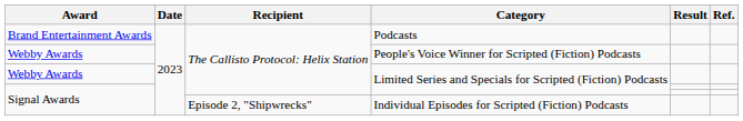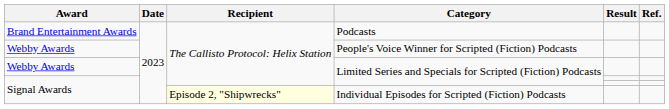 <table class="wikitable sortable">
 <tr>
 <th>Award</th>
 <th>Date</th>
 <th>Recipient</th>
 <th>Category</th>
 <th>Result</th>
 <th>Ref.</th>
 </tr>
 <tr>
 <td><a href='#'>Brand Entertainment Awards</a></td>
 <td rowspan=6>2023</td>
 <td rowspan=5><em>The Callisto Protocol: Helix Station</em></td>
 <td>Podcasts</td>
 <td></td>
 <td></td>
 </tr>
 <tr>
 <td><a href='#'>Webby Awards</a></td>
 <td>People's Voice Winner for Scripted (Fiction) Podcasts</td>
 <td></td>
 <td></td>
 </tr>
 <tr>
 <td><a href='#'>Webby Awards</a></td>
 <td rowspan=3>Limited Series and Specials for Scripted (Fiction) Podcasts</td>
 <td></td>
 <td></td>
 </tr>
 <tr>
 <td rowspan=3>Signal Awards</td>
 <td></td>
 <td></td>
 </tr>
 <tr>
 <td></td>
 <td></td>
 </tr>
 <tr>
-<td>Episode 2, "Shipwrecks"</td>
+<td style="background: lightyellow;">Episode 2, "Shipwrecks"</td>
 <td>Individual Episodes for Scripted (Fiction) Podcasts</td>
 <td></td>
 <td></td>
 </tr>
 </table>
